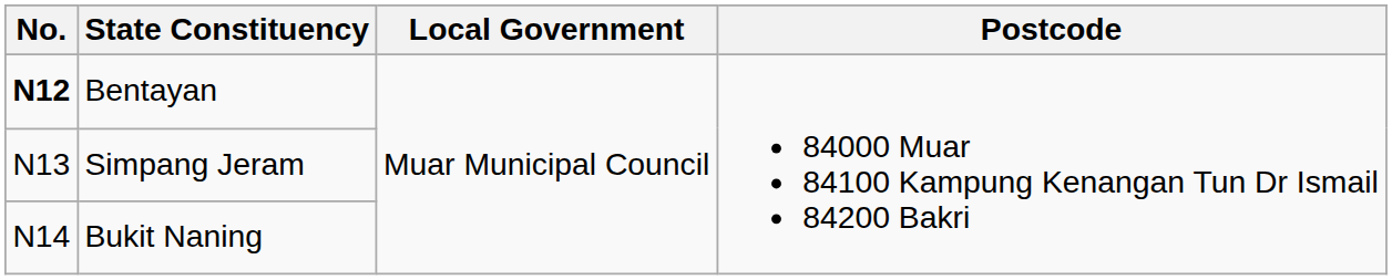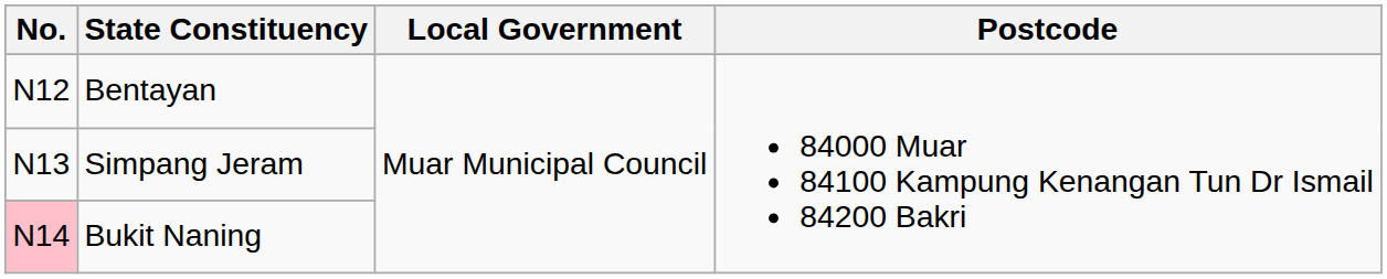 <table class="wikitable">
 <tr>
 <th>No.</th>
 <th>State Constituency</th>
 <th>Local Government</th>
 <th>Postcode</th>
 </tr>
 <tr>
-<td><strong>N12</strong></td>
+<td>N12</td>
 <td>Bentayan</td>
 <td rowspan="3">Muar Municipal Council</td>
 <td rowspan="3"><br><ul><li>84000 Muar</li><li>84100 Kampung Kenangan Tun Dr Ismail</li><li>84200 Bakri</li></ul></td>
 </tr>
 <tr>
 <td>N13</td>
 <td>Simpang Jeram</td>
 </tr>
 <tr>
-<td>N14</td>
+<td style="background: pink;">N14</td>
 <td>Bukit Naning</td>
 </tr>
 </table>
